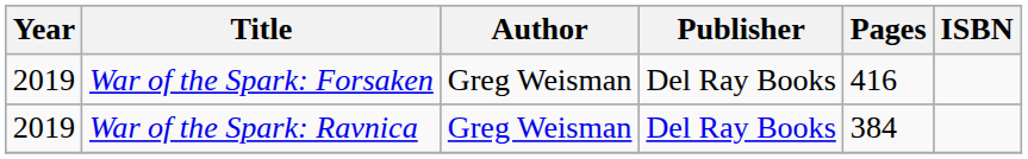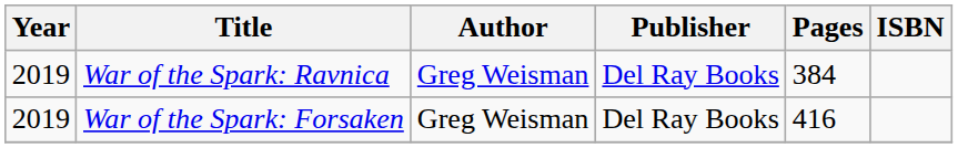 <table class="wikitable sortable" style="margins:auto;">
 <tr>
 <th>Year</th>
 <th>Title</th>
 <th>Author</th>
 <th>Publisher</th>
 <th>Pages</th>
 <th>ISBN</th>
 </tr>
 <tr>
 <td>2019</td>
+<td><em><a href='#'>War of the Spark: Ravnica</a></em></td>
+<td><a href='#'>Greg Weisman</a></td>
+<td><a href='#'>Del Ray Books</a></td>
+<td>384</td>
+<td></td>
+</tr>
+<tr>
+<td>2019</td>
 <td><em><a href='#'>War of the Spark: Forsaken</a></em></td>
 <td>Greg Weisman</td>
 <td>Del Ray Books</td>
 <td>416</td>
 <td></td>
 </tr>
 <tr>
-<td>2019</td>
-<td><em><a href='#'>War of the Spark: Ravnica</a></em></td>
-<td><a href='#'>Greg Weisman</a></td>
-<td><a href='#'>Del Ray Books</a></td>
-<td>384</td>
-<td></td>
-</tr>
-<tr>
 </tr>
 </table>
